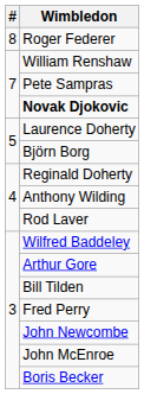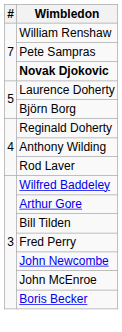 <table class=wikitable style="display:inline-table;">
 <tr>
 <th>#</th>
 <th>Wimbledon</th>
-</tr>
-<tr>
-<td>8</td>
-<td> Roger Federer</td>
 </tr>
 <tr>
 <td rowspan="3">7</td>
 <td> William Renshaw</td>
 </tr>
 <tr>
 <td> Pete Sampras</td>
 </tr>
 <tr>
 <td> <strong>Novak Djokovic</strong></td>
 </tr>
 <tr>
 <td rowspan="2">5</td>
 <td> Laurence Doherty</td>
 </tr>
 <tr>
 <td> Björn Borg</td>
 </tr>
 <tr>
 <td rowspan="3">4</td>
 <td> Reginald Doherty</td>
 </tr>
 <tr>
 <td> Anthony Wilding</td>
 </tr>
 <tr>
 <td> Rod Laver</td>
 </tr>
 <tr>
 <td rowspan="7">3</td>
 <td> <a href='#'>Wilfred Baddeley</a></td>
 </tr>
 <tr>
 <td> <a href='#'>Arthur Gore</a></td>
 </tr>
 <tr>
 <td> Bill Tilden</td>
 </tr>
 <tr>
 <td> Fred Perry</td>
 </tr>
 <tr>
 <td> <a href='#'>John Newcombe</a></td>
 </tr>
 <tr>
 <td> John McEnroe</td>
 </tr>
 <tr>
 <td> <a href='#'>Boris Becker</a></td>
 </tr>
 </table>
